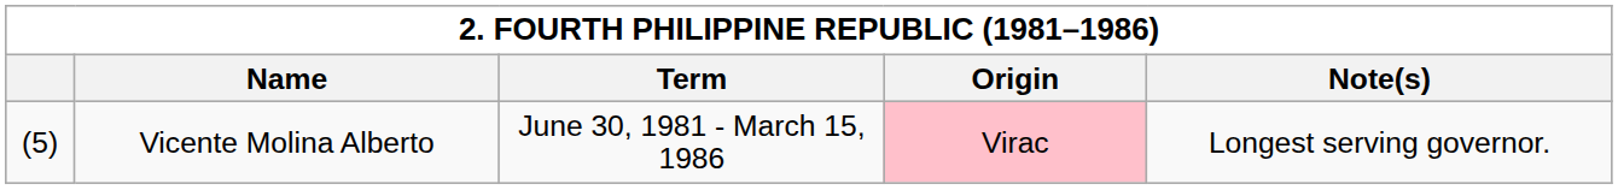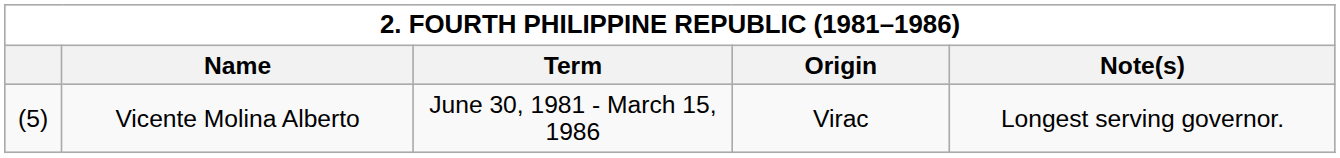 <table class="wikitable" style="vertical-align:top;text-align:center;font-size:95%;">
 <tr>
 <th style="background-color:white;font-size:105%;width:51em;" colspan=5>2. FOURTH PHILIPPINE REPUBLIC (1981–1986)</th>
 </tr>
 <tr>
 <th style="width: 1em;text-align:center"></th>
 <th style="width: 10em;text-align:center">Name</th>
 <th style="width: 9em;text-align:center">Term</th>
 <th style="width: 6em;text-align:center">Origin</th>
 <th style="width: 11em;text-align:center">Note(s)</th>
 </tr>
 <tr>
 <td>(5)</td>
 <td>Vicente Molina Alberto</td>
 <td>June 30, 1981 - March 15, 1986</td>
-<td style="background: pink;">Virac</td>
+<td>Virac</td>
 <td>Longest serving governor.</td>
 </tr>
 </table>
